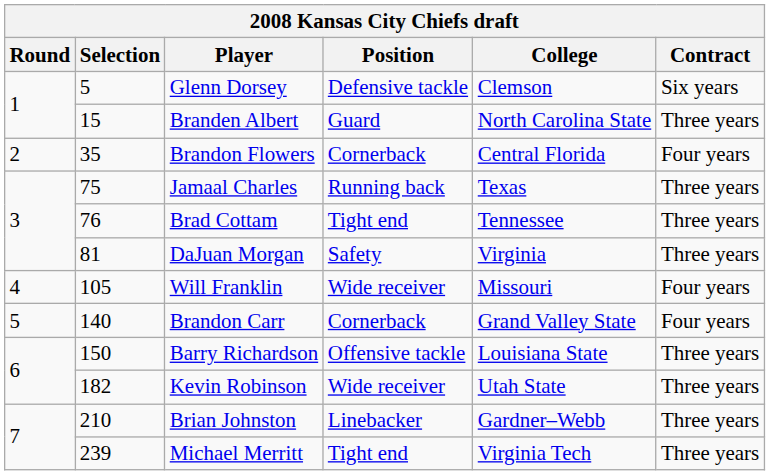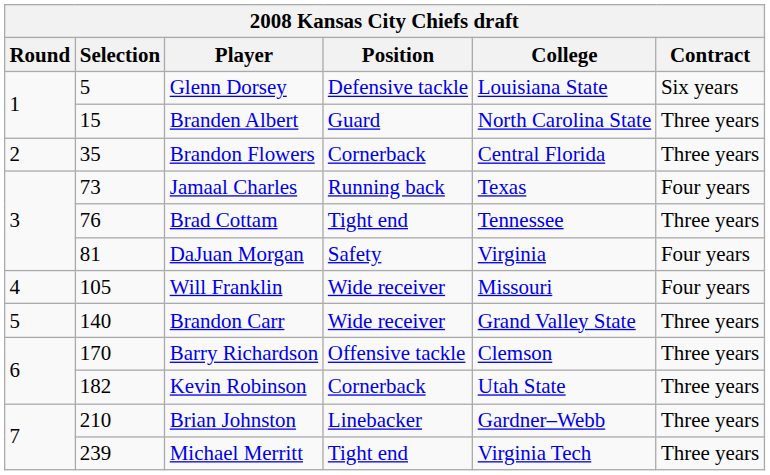 <table class="wikitable">
 <tr>
 <th colspan=6>2008 Kansas City Chiefs draft</th>
 </tr>
 <tr>
 <th>Round</th>
 <th>Selection</th>
 <th>Player</th>
 <th>Position</th>
 <th>College</th>
 <th>Contract</th>
 </tr>
 <tr>
 <td rowspan="2">1</td>
 <td>5</td>
 <td><a href='#'>Glenn Dorsey</a></td>
 <td><a href='#'>Defensive tackle</a></td>
-<td><a href='#'>Clemson</a></td>
+<td><a href='#'>Louisiana State</a></td>
 <td>Six years</td>
 </tr>
 <tr>
 <td>15</td>
 <td><a href='#'>Branden Albert</a></td>
 <td><a href='#'>Guard</a></td>
 <td><a href='#'>North Carolina State</a></td>
 <td>Three years</td>
 </tr>
 <tr>
 <td>2</td>
 <td>35</td>
 <td><a href='#'>Brandon Flowers</a></td>
 <td><a href='#'>Cornerback</a></td>
 <td><a href='#'>Central Florida</a></td>
-<td>Four years</td>
+<td>Three years</td>
 </tr>
 <tr>
 <td rowspan="3">3</td>
-<td>75</td>
+<td>73</td>
 <td><a href='#'>Jamaal Charles</a></td>
 <td><a href='#'>Running back</a></td>
 <td><a href='#'>Texas</a></td>
-<td>Three years</td>
+<td>Four years</td>
 </tr>
 <tr>
 <td>76</td>
 <td><a href='#'>Brad Cottam</a></td>
 <td><a href='#'>Tight end</a></td>
 <td><a href='#'>Tennessee</a></td>
 <td>Three years</td>
 </tr>
 <tr>
 <td>81</td>
 <td><a href='#'>DaJuan Morgan</a></td>
 <td><a href='#'>Safety</a></td>
 <td><a href='#'>Virginia</a></td>
-<td>Three years</td>
+<td>Four years</td>
 </tr>
 <tr>
 <td>4</td>
 <td>105</td>
 <td><a href='#'>Will Franklin</a></td>
 <td><a href='#'>Wide receiver</a></td>
 <td><a href='#'>Missouri</a></td>
 <td>Four years</td>
 </tr>
 <tr>
 <td>5</td>
 <td>140</td>
 <td><a href='#'>Brandon Carr</a></td>
-<td><a href='#'>Cornerback</a></td>
+<td><a href='#'>Wide receiver</a></td>
 <td><a href='#'>Grand Valley State</a></td>
-<td>Four years</td>
+<td>Three years</td>
 </tr>
 <tr>
 <td rowspan="2">6</td>
-<td>150</td>
+<td>170</td>
 <td><a href='#'>Barry Richardson</a></td>
 <td><a href='#'>Offensive tackle</a></td>
-<td><a href='#'>Louisiana State</a></td>
+<td><a href='#'>Clemson</a></td>
 <td>Three years</td>
 </tr>
 <tr>
 <td>182</td>
 <td><a href='#'>Kevin Robinson</a></td>
-<td><a href='#'>Wide receiver</a></td>
+<td><a href='#'>Cornerback</a></td>
 <td><a href='#'>Utah State</a></td>
 <td>Three years</td>
 </tr>
 <tr>
 <td rowspan="2">7</td>
 <td>210</td>
 <td><a href='#'>Brian Johnston</a></td>
 <td><a href='#'>Linebacker</a></td>
 <td><a href='#'>Gardner–Webb</a></td>
 <td>Three years</td>
 </tr>
 <tr>
 <td>239</td>
 <td><a href='#'>Michael Merritt</a></td>
 <td><a href='#'>Tight end</a></td>
 <td><a href='#'>Virginia Tech</a></td>
 <td>Three years</td>
 </tr>
 </table>
